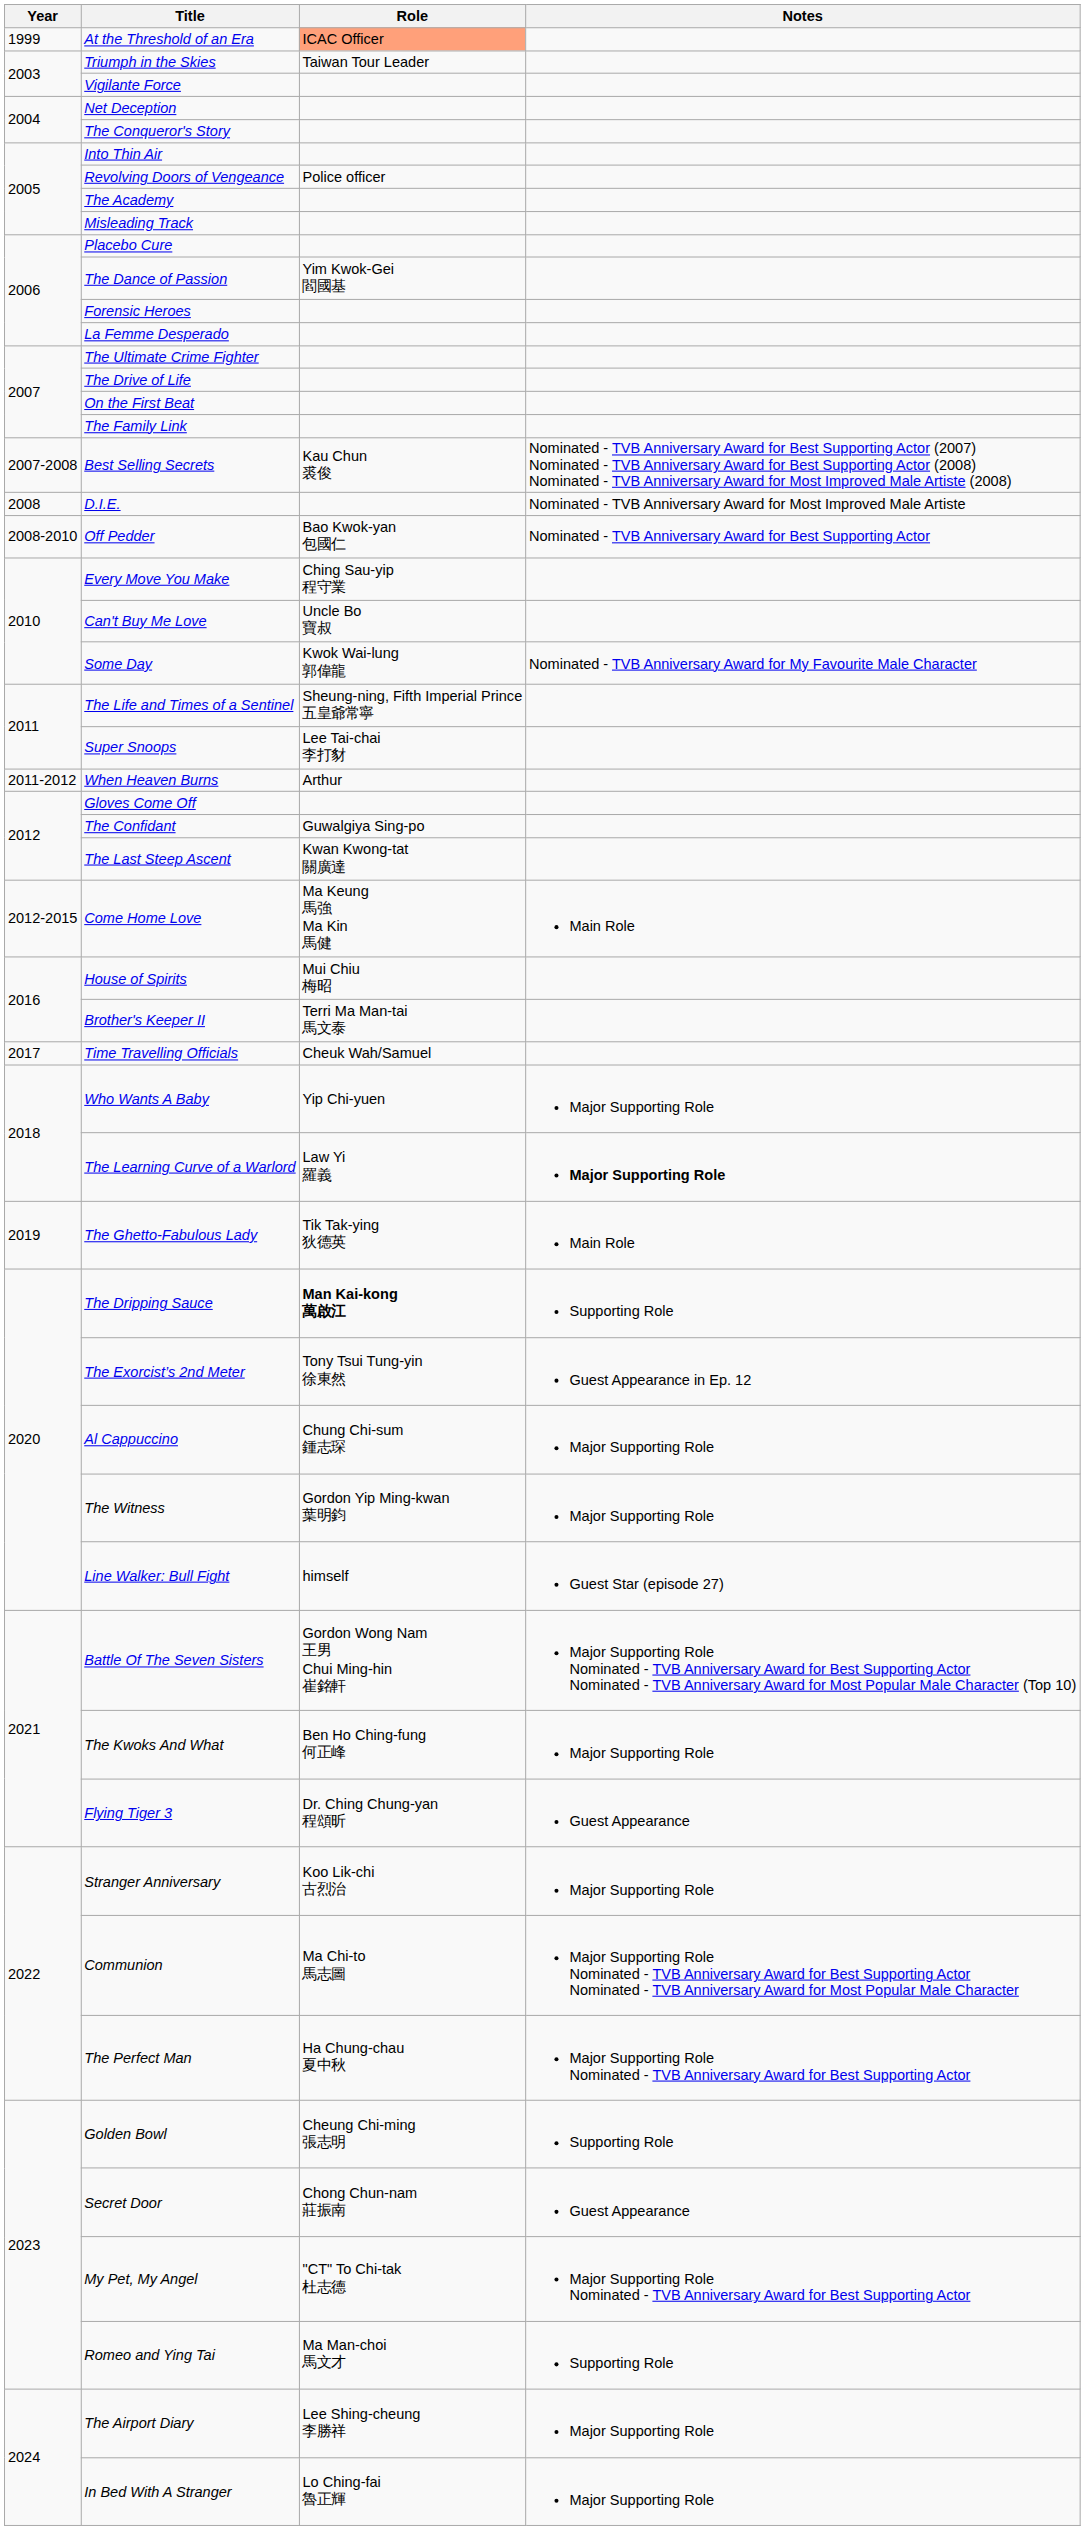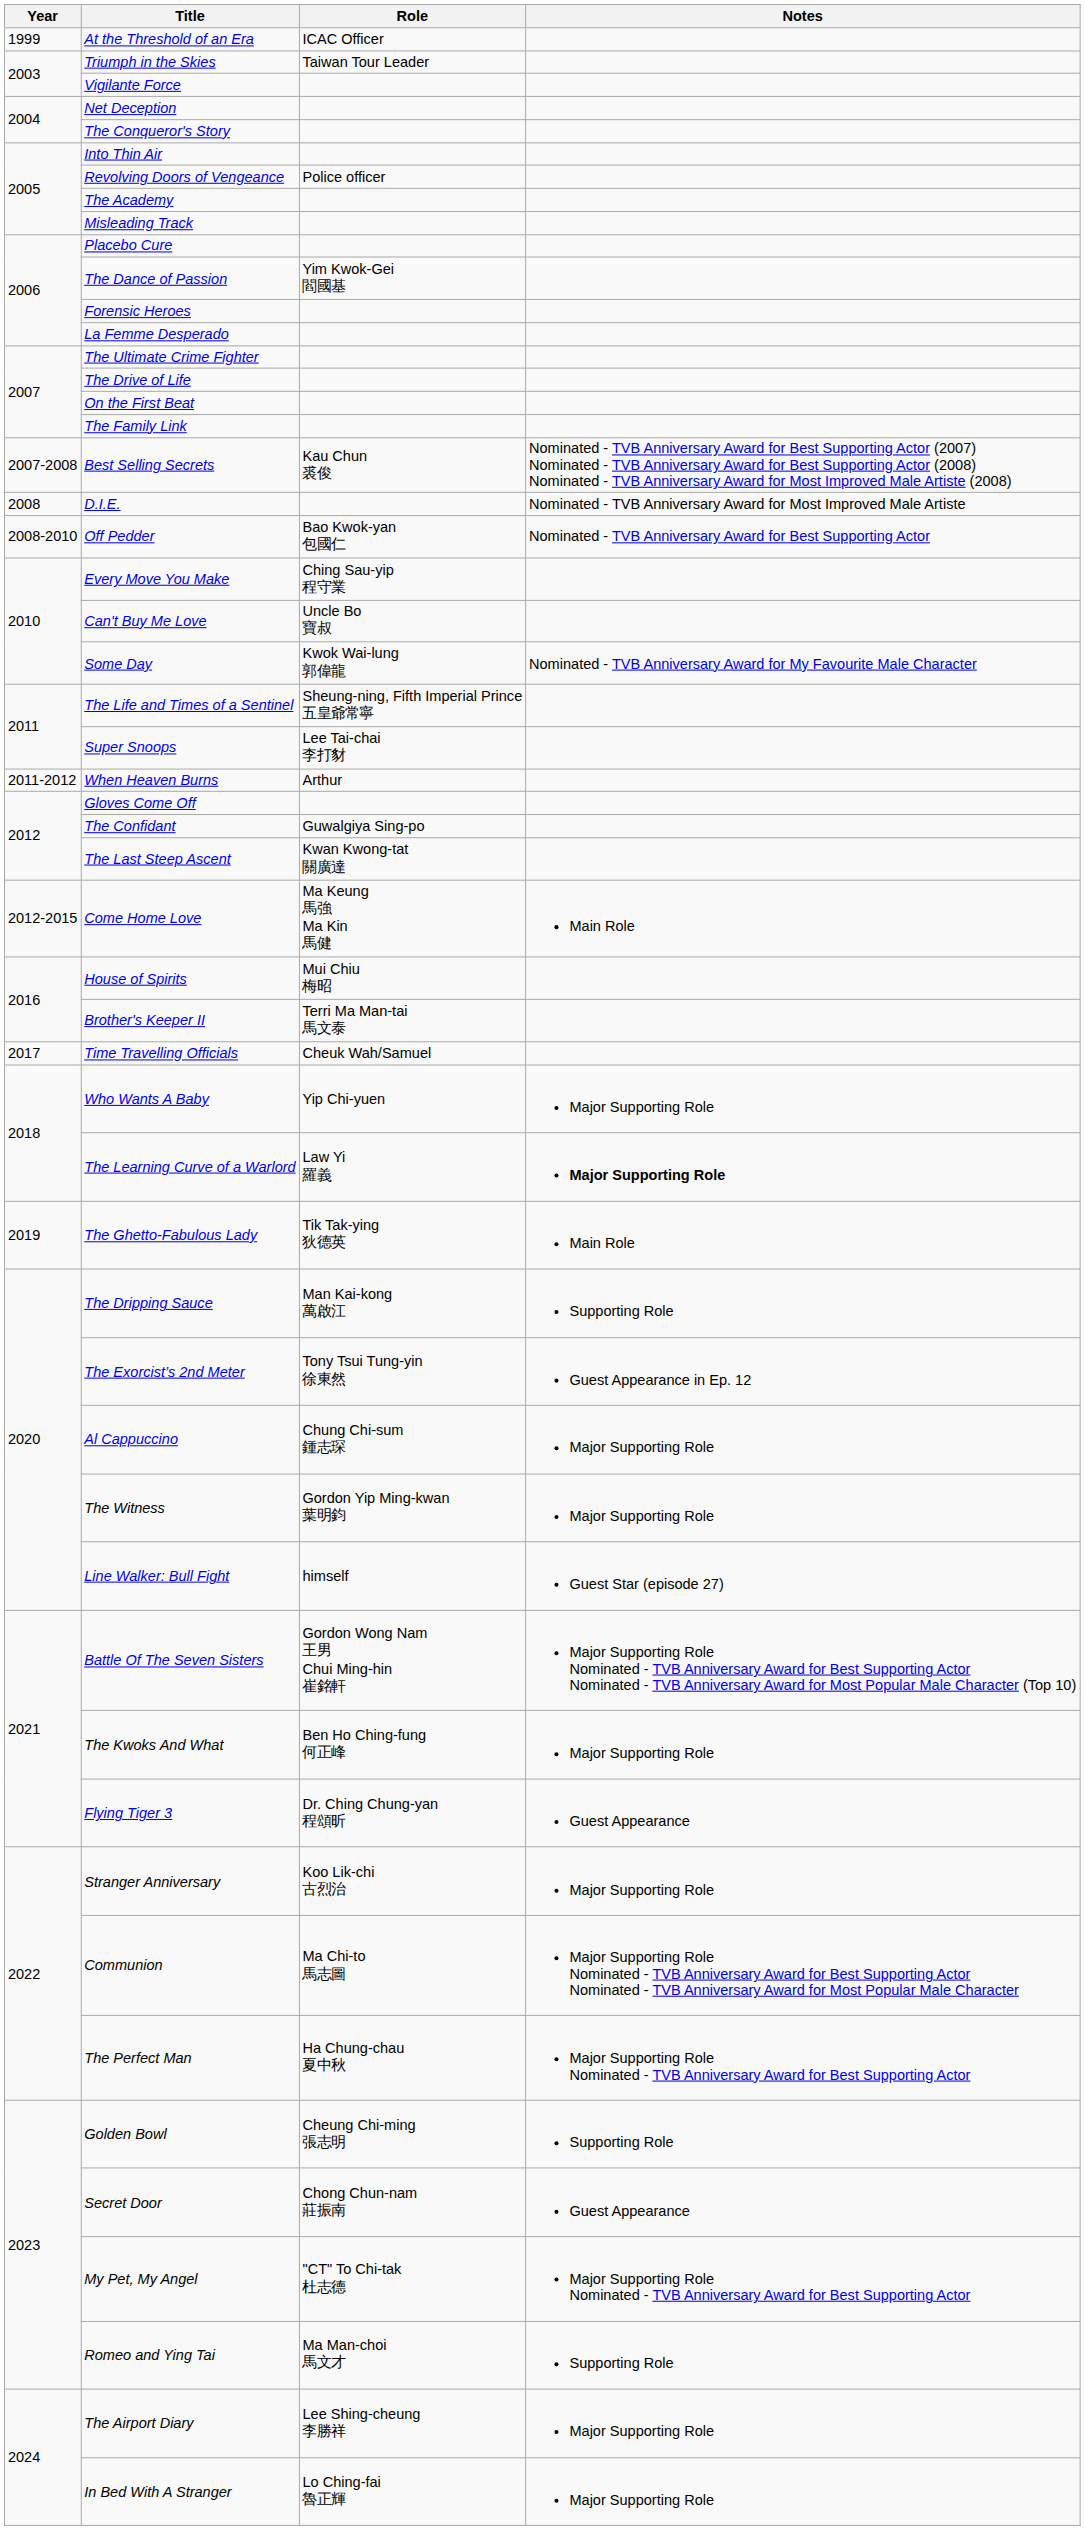 <table class="wikitable" style="font-size: 90%;">
 <tr>
 <th>Year</th>
 <th>Title</th>
 <th>Role</th>
 <th>Notes</th>
 </tr>
 <tr>
 <td>1999</td>
 <td><em><a href='#'>At the Threshold of an Era</a></em></td>
-<td style="background: lightsalmon;">ICAC Officer</td>
+<td>ICAC Officer</td>
 <td></td>
 </tr>
 <tr>
 <td rowspan="2">2003</td>
 <td><em><a href='#'>Triumph in the Skies</a></em></td>
 <td>Taiwan Tour Leader</td>
 <td></td>
 </tr>
 <tr>
 <td><em><a href='#'>Vigilante Force</a></em></td>
 <td></td>
 <td></td>
 </tr>
 <tr>
 <td rowspan="2">2004</td>
 <td><em><a href='#'>Net Deception</a></em></td>
 <td></td>
 <td></td>
 </tr>
 <tr>
 <td><em><a href='#'>The Conqueror's Story</a></em></td>
 <td></td>
 <td></td>
 </tr>
 <tr>
 <td rowspan="4">2005</td>
 <td><em><a href='#'>Into Thin Air</a></em></td>
 <td></td>
 <td></td>
 </tr>
 <tr>
 <td><em><a href='#'>Revolving Doors of Vengeance</a></em></td>
 <td>Police officer</td>
 <td></td>
 </tr>
 <tr>
 <td><em><a href='#'>The Academy</a></em></td>
 <td></td>
 <td></td>
 </tr>
 <tr>
 <td><em><a href='#'>Misleading Track</a></em></td>
 <td></td>
 <td></td>
 </tr>
 <tr>
 <td rowspan="4">2006</td>
 <td><em><a href='#'>Placebo Cure</a></em></td>
 <td></td>
 <td></td>
 </tr>
 <tr>
 <td><em><a href='#'>The Dance of Passion</a></em></td>
 <td>Yim Kwok-Gei <br>閻國基</td>
 <td></td>
 </tr>
 <tr>
 <td><em><a href='#'>Forensic Heroes</a></em></td>
 <td></td>
 <td></td>
 </tr>
 <tr>
 <td><em><a href='#'>La Femme Desperado</a></em></td>
 <td></td>
 <td></td>
 </tr>
 <tr>
 <td rowspan="4">2007</td>
 <td><em><a href='#'>The Ultimate Crime Fighter</a></em></td>
 <td></td>
 <td></td>
 </tr>
 <tr>
 <td><em><a href='#'>The Drive of Life</a></em></td>
 <td></td>
 <td></td>
 </tr>
 <tr>
 <td><em><a href='#'>On the First Beat</a></em></td>
 <td></td>
 <td></td>
 </tr>
 <tr>
 <td><em><a href='#'>The Family Link</a></em></td>
 <td></td>
 <td></td>
 </tr>
 <tr>
 <td>2007-2008</td>
 <td><em><a href='#'>Best Selling Secrets</a></em></td>
 <td>Kau Chun<br>裘俊</td>
 <td>Nominated - <a href='#'>TVB Anniversary Award for Best Supporting Actor</a> (2007) <br> Nominated - <a href='#'>TVB Anniversary Award for Best Supporting Actor</a> (2008) <br>  Nominated - <a href='#'>TVB Anniversary Award for Most Improved Male Artiste</a> (2008)</td>
 </tr>
 <tr>
 <td>2008</td>
 <td><em><a href='#'>D.I.E.</a></em></td>
 <td></td>
 <td>Nominated - TVB Anniversary Award for Most Improved Male Artiste</td>
 </tr>
 <tr>
 <td>2008-2010</td>
 <td><em><a href='#'>Off Pedder</a></em></td>
 <td>Bao Kwok-yan<br>包國仁</td>
 <td>Nominated - <a href='#'>TVB Anniversary Award for Best Supporting Actor</a></td>
 </tr>
 <tr>
 <td rowspan="3">2010</td>
 <td><em><a href='#'>Every Move You Make</a></em></td>
 <td>Ching Sau-yip<br>程守業</td>
 <td></td>
 </tr>
 <tr>
 <td><em><a href='#'>Can't Buy Me Love</a></em></td>
 <td>Uncle Bo<br>寶叔</td>
 <td></td>
 </tr>
 <tr>
 <td><em><a href='#'>Some Day</a></em></td>
 <td>Kwok Wai-lung<br>郭偉龍</td>
 <td>Nominated - <a href='#'>TVB Anniversary Award for My Favourite Male Character</a></td>
 </tr>
 <tr>
 <td rowspan="2">2011</td>
 <td><em><a href='#'>The Life and Times of a Sentinel</a></em></td>
 <td>Sheung-ning, Fifth Imperial Prince <br>五皇爺常寧</td>
 <td></td>
 </tr>
 <tr>
 <td><em><a href='#'>Super Snoops</a></em></td>
 <td>Lee Tai-chai <br> 李打豺</td>
 <td></td>
 </tr>
 <tr>
 <td>2011-2012</td>
 <td><em><a href='#'>When Heaven Burns</a></em></td>
 <td>Arthur</td>
 <td></td>
 </tr>
 <tr>
 <td rowspan="3">2012</td>
 <td><em><a href='#'>Gloves Come Off</a></em></td>
 <td></td>
 <td></td>
 </tr>
 <tr>
 <td><em><a href='#'>The Confidant</a></em></td>
 <td>Guwalgiya Sing-po</td>
 <td></td>
 </tr>
 <tr>
 <td><em><a href='#'>The Last Steep Ascent</a></em></td>
 <td>Kwan Kwong-tat <br> 關廣達</td>
 <td></td>
 </tr>
 <tr>
 <td>2012-2015</td>
 <td><em><a href='#'>Come Home Love</a></em></td>
 <td>Ma Keung <br>馬強 <br> Ma Kin<br>馬健</td>
 <td><br><ul><li>Main Role</li></ul></td>
 </tr>
 <tr>
 <td rowspan="2">2016</td>
 <td><em><a href='#'>House of Spirits</a></em></td>
 <td>Mui Chiu <br>梅昭</td>
 <td></td>
 </tr>
 <tr>
 <td><em><a href='#'>Brother's Keeper II</a></em></td>
 <td>Terri Ma Man-tai <br>馬文泰</td>
 <td></td>
 </tr>
 <tr>
 <td>2017</td>
 <td><em><a href='#'>Time Travelling Officials</a></em></td>
 <td>Cheuk Wah/Samuel</td>
 <td></td>
 </tr>
 <tr>
 <td rowspan="2">2018</td>
 <td><em><a href='#'>Who Wants A Baby</a></em></td>
 <td>Yip Chi-yuen</td>
 <td><br><ul><li>Major Supporting Role</li></ul></td>
 </tr>
 <tr>
 <td><em><a href='#'>The Learning Curve of a Warlord</a></em></td>
 <td>Law Yi <br> 羅義</td>
 <td><strong><br><ul><li>Major Supporting Role</li></ul></strong></td>
 </tr>
 <tr>
 <td>2019</td>
 <td><em><a href='#'>The Ghetto-Fabulous Lady</a></em></td>
 <td>Tik Tak-ying <br> 狄德英</td>
 <td><br><ul><li>Main Role</li></ul></td>
 </tr>
 <tr>
 <td rowspan="5">2020</td>
 <td><em><a href='#'>The Dripping Sauce</a></em></td>
-<td><strong>Man Kai-kong <br> 萬啟江</strong></td>
+<td>Man Kai-kong <br> 萬啟江</td>
 <td><br><ul><li>Supporting Role</li></ul></td>
 </tr>
 <tr>
 <td><em><a href='#'>The Exorcist’s 2nd Meter</a></em></td>
 <td>Tony Tsui Tung-yin <br> 徐東然</td>
 <td><br><ul><li>Guest Appearance in Ep. 12</li></ul></td>
 </tr>
 <tr>
 <td><em><a href='#'>Al Cappuccino</a></em></td>
 <td>Chung Chi-sum <br> 鍾志琛</td>
 <td><br><ul><li>Major Supporting Role</li></ul></td>
 </tr>
 <tr>
 <td><em>The Witness</em></td>
 <td>Gordon Yip Ming-kwan <br> 葉明鈞</td>
 <td><br><ul><li>Major Supporting Role</li></ul></td>
 </tr>
 <tr>
 <td><em><a href='#'>Line Walker: Bull Fight</a></em></td>
 <td>himself</td>
 <td><br><ul><li>Guest Star (episode 27)</li></ul></td>
 </tr>
 <tr>
 <td rowspan="3">2021</td>
 <td><em><a href='#'>Battle Of The Seven Sisters</a></em></td>
 <td>Gordon Wong Nam <br>王男 <br> Chui Ming-hin <br>崔銘軒</td>
 <td><br><ul><li>Major Supporting Role<br>Nominated - <a href='#'>TVB Anniversary Award for Best Supporting Actor</a><br>Nominated - <a href='#'>TVB Anniversary Award for Most Popular Male Character</a> (Top 10)</li></ul></td>
 </tr>
 <tr>
 <td><em>The Kwoks And What</em></td>
 <td>Ben Ho Ching-fung <br> 何正峰</td>
 <td><br><ul><li>Major Supporting Role</li></ul></td>
 </tr>
 <tr>
 <td><em><a href='#'>Flying Tiger 3</a></em></td>
 <td>Dr. Ching Chung-yan <br> 程頌昕</td>
 <td><br><ul><li>Guest Appearance</li></ul></td>
 </tr>
 <tr>
 <td rowspan="3">2022</td>
 <td><em>Stranger Anniversary</em></td>
 <td>Koo Lik-chi <br> 古烈治</td>
 <td><br><ul><li>Major Supporting Role</li></ul></td>
 </tr>
 <tr>
 <td><em>Communion</em></td>
 <td>Ma Chi-to <br> 馬志圖</td>
 <td><br><ul><li>Major Supporting Role <br>Nominated - <a href='#'>TVB Anniversary Award for Best Supporting Actor</a> <br>Nominated - <a href='#'>TVB Anniversary Award for Most Popular Male Character</a></li></ul></td>
 </tr>
 <tr>
 <td><em>The Perfect Man</em></td>
 <td>Ha Chung-chau <br> 夏中秋</td>
 <td><br><ul><li>Major Supporting Role <br>Nominated - <a href='#'>TVB Anniversary Award for Best Supporting Actor</a></li></ul></td>
 </tr>
 <tr>
 <td rowspan="4">2023</td>
 <td><em>Golden Bowl</em></td>
 <td>Cheung Chi-ming <br> 張志明</td>
 <td><br><ul><li>Supporting Role</li></ul></td>
 </tr>
 <tr>
 <td><em>Secret Door</em></td>
 <td>Chong Chun-nam <br> 莊振南</td>
 <td><br><ul><li>Guest Appearance</li></ul></td>
 </tr>
 <tr>
 <td><em>My Pet, My Angel</em></td>
 <td>"CT" To Chi-tak <br> 杜志德</td>
 <td><br><ul><li>Major Supporting Role <br>Nominated - <a href='#'>TVB Anniversary Award for Best Supporting Actor</a></li></ul></td>
 </tr>
 <tr>
 <td><em>Romeo and Ying Tai</em></td>
 <td>Ma Man-choi <br> 馬文才</td>
 <td><br><ul><li>Supporting Role</li></ul></td>
 </tr>
 <tr>
 <td rowspan=2>2024</td>
 <td><em>The Airport Diary</em></td>
 <td>Lee Shing-cheung <br> 李勝祥</td>
 <td><br><ul><li>Major Supporting Role</li></ul></td>
 </tr>
 <tr>
 <td><em>In Bed With A Stranger</em></td>
 <td>Lo Ching-fai <br> 魯正輝</td>
 <td><br><ul><li>Major Supporting Role</li></ul></td>
 </tr>
 </table>
